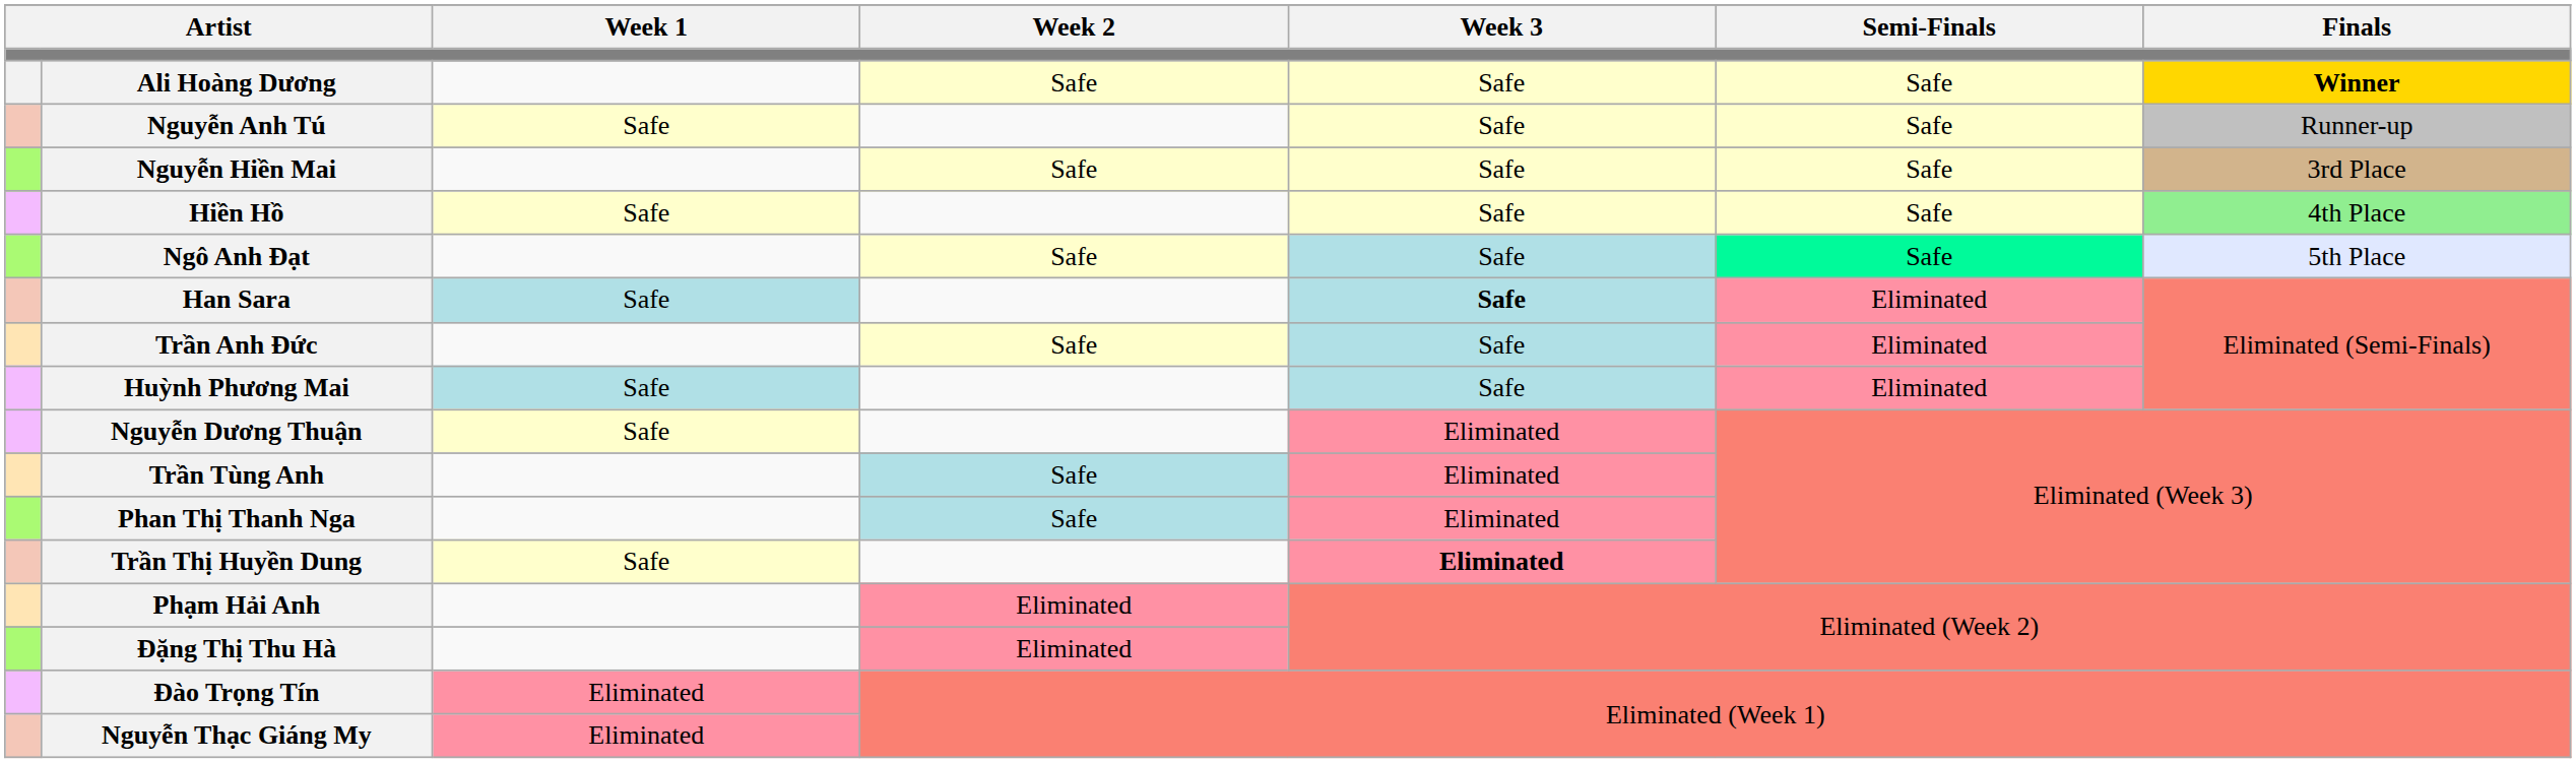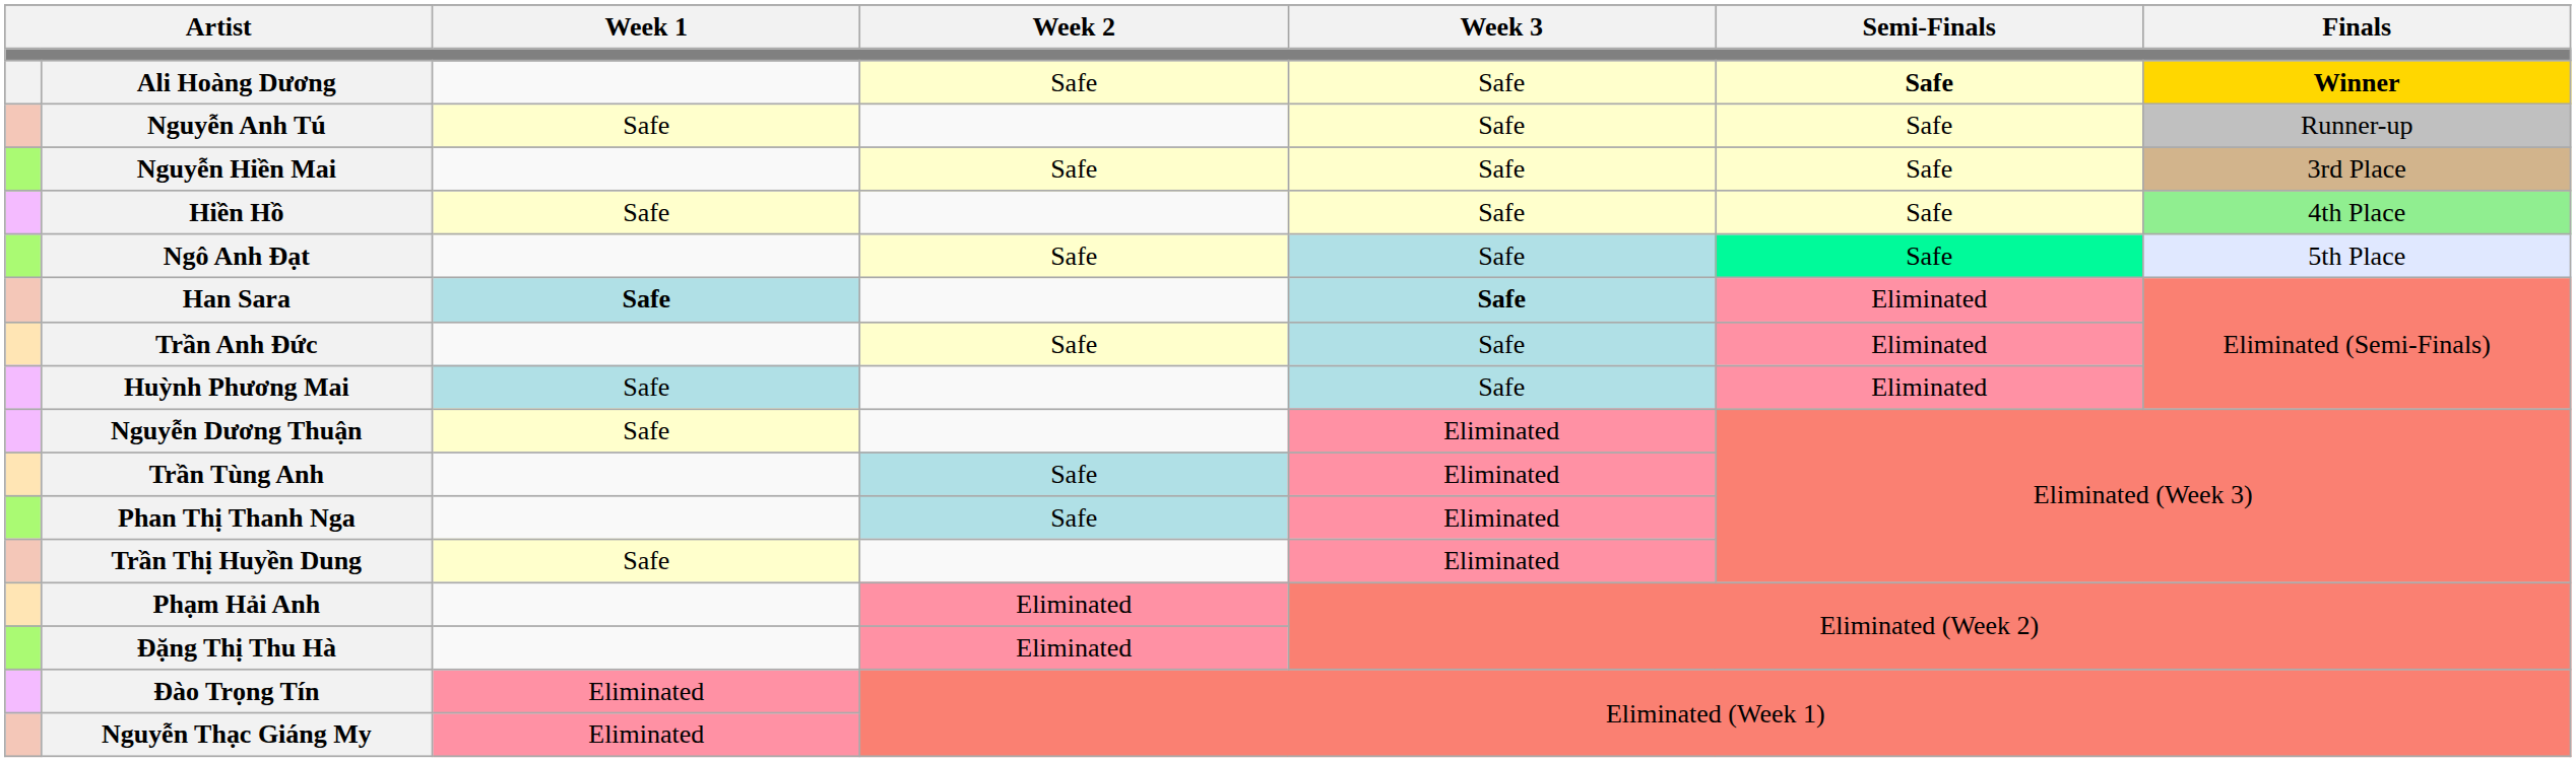 <table class="wikitable" style="text-align:center; font-size:95%; width:auto;">
 <tr>
 </tr>
 <tr>
 <th style="width:12%;" colspan="2">Artist</th>
 <th style="width:12%;">Week 1</th>
 <th style="width:12%;">Week 2</th>
 <th style="width:12%;">Week 3</th>
 <th style="width:12%;">Semi-Finals</th>
 <th style="width:12%;">Finals</th>
 </tr>
 <tr>
 <th colspan="9" style="background:gray;"></th>
 </tr>
 <tr>
 <th style="width:1%;" style="background:#ffe5b4;"></th>
 <th style="width:11%;">Ali Hoàng Dương</th>
 <td></td>
 <td style="background:#FFFFCC;">Safe</td>
 <td style="background:#FFFFCC;">Safe</td>
-<td style="background:#FFFFCC;">Safe</td>
+<td style="background:#FFFFCC;"><strong>Safe</strong></td>
 <th style="background:gold;">Winner</th>
 </tr>
 <tr>
 <th style="background:#f4c7b8;"></th>
 <th>Nguyễn Anh Tú</th>
 <td style="background:#FFFFCC;">Safe</td>
 <td></td>
 <td style="background:#FFFFCC;">Safe</td>
 <td style="background:#FFFFCC;">Safe</td>
 <td bgcolor="silver">Runner-up</td>
 </tr>
 <tr>
 <th style="background:#aafa73;"></th>
 <th>Nguyễn Hiền Mai</th>
 <td></td>
 <td style="background:#FFFFCC;">Safe</td>
 <td style="background:#FFFFCC;">Safe</td>
 <td style="background:#FFFFCC;">Safe</td>
 <td bgcolor="tan">3rd Place</td>
 </tr>
 <tr>
 <th style="background:#f4bbff;"></th>
 <th>Hiền Hồ</th>
 <td style="background:#FFFFCC;">Safe</td>
 <td></td>
 <td style="background:#FFFFCC;">Safe</td>
 <td style="background:#FFFFCC;">Safe</td>
 <td bgcolor="lightgreen">4th Place</td>
 </tr>
 <tr>
 <th style="background:#aafa73;"></th>
 <th>Ngô Anh Đạt</th>
 <td></td>
 <td style="background:#FFFFCC;">Safe</td>
 <td style="background:#B0E0E6;">Safe</td>
 <td style="background:#00FA9A;">Safe</td>
 <td bgcolor="#E0E8FF">5th Place</td>
 </tr>
 <tr>
 <th style="background:#f4c7b8;"></th>
 <th>Han Sara</th>
-<td style="background:#B0E0E6;">Safe</td>
+<td style="background:#B0E0E6;"><strong>Safe</strong></td>
 <td></td>
 <td style="background:#B0E0E6;"><strong>Safe</strong></td>
 <td style="background:#FF91A4;">Eliminated</td>
 <td rowspan="3" style="background:salmon;">Eliminated (Semi-Finals)</td>
 </tr>
 <tr>
 <th style="background:#ffe5b4;"></th>
 <th>Trần Anh Đức</th>
 <td></td>
 <td style="background:#FFFFCC;">Safe</td>
 <td style="background:#B0E0E6;">Safe</td>
 <td style="background:#FF91A4;">Eliminated</td>
 </tr>
 <tr>
 <th style="background:#f4bbff;"></th>
 <th>Huỳnh Phương Mai</th>
 <td style="background:#B0E0E6;">Safe</td>
 <td></td>
 <td style="background:#B0E0E6;">Safe</td>
 <td style="background:#FF91A4;">Eliminated</td>
 </tr>
 <tr>
 <th style="background:#f4bbff;"></th>
 <th>Nguyễn Dương Thuận</th>
 <td style="background:#FFFFCC;">Safe</td>
 <td></td>
 <td style="background:#FF91A4;">Eliminated</td>
 <td rowspan="4" colspan="2" style="background:salmon;">Eliminated (Week 3)</td>
 </tr>
 <tr>
 <th style="background:#ffe5b4;"></th>
 <th>Trần Tùng Anh</th>
 <td></td>
 <td style="background:#B0E0E6;">Safe</td>
 <td style="background:#FF91A4;">Eliminated</td>
 </tr>
 <tr>
 <th style="background:#aafa73;"></th>
 <th>Phan Thị Thanh Nga</th>
 <td></td>
 <td style="background:#B0E0E6;">Safe</td>
 <td style="background:#FF91A4;">Eliminated</td>
 </tr>
 <tr>
 <th style="background:#f4c7b8;"></th>
 <th>Trần Thị Huyền Dung</th>
 <td style="background:#FFFFCC;">Safe</td>
 <td></td>
-<td style="background:#FF91A4;"><strong>Eliminated</strong></td>
+<td style="background:#FF91A4;">Eliminated</td>
 </tr>
 <tr>
 <th style="background:#ffe5b4;"></th>
 <th>Phạm Hải Anh</th>
 <td></td>
 <td style="background:#FF91A4;">Eliminated</td>
 <td rowspan="2" colspan="3" style="background:salmon;">Eliminated (Week 2)</td>
 </tr>
 <tr>
 <th style="background:#aafa73;"></th>
 <th>Đặng Thị Thu Hà</th>
 <td></td>
 <td style="background:#FF91A4;">Eliminated</td>
 </tr>
 <tr>
 <th style="background:#f4bbff;"></th>
 <th>Đào Trọng Tín</th>
 <td style="background:#FF91A4;">Eliminated</td>
 <td rowspan="2" colspan="5" style="background:salmon;">Eliminated (Week 1)</td>
 </tr>
 <tr>
 <th style="background:#f4c7b8;"></th>
 <th>Nguyễn Thạc Giáng My</th>
 <td style="background:#FF91A4;">Eliminated</td>
 </tr>
 </table>
